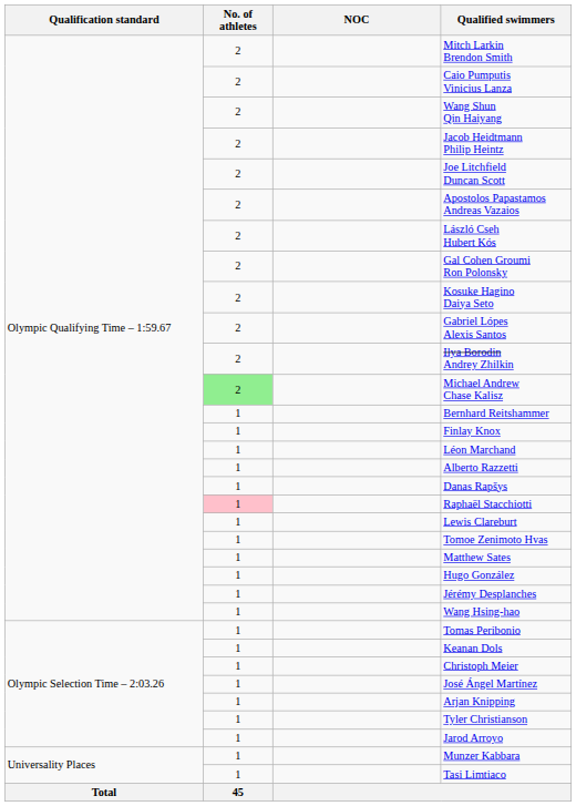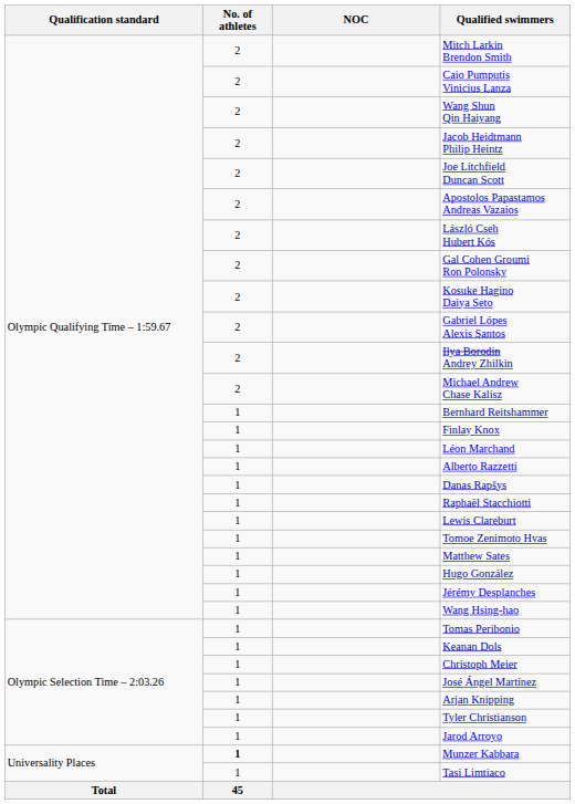 <table class=wikitable style="text-align:left" width=800>
 <tr>
 <th>Qualification standard</th>
 <th width=90>No. of athletes</th>
 <th width=230>NOC</th>
 <th>Qualified swimmers</th>
 </tr>
 <tr>
 <td rowspan=24>Olympic Qualifying Time – 1:59.67</td>
 <td align=center>2</td>
 <td></td>
 <td><a href='#'>Mitch Larkin</a><br><a href='#'>Brendon Smith</a></td>
 </tr>
 <tr>
 <td align=center>2</td>
 <td></td>
 <td><a href='#'>Caio Pumputis</a><br><a href='#'>Vinicius Lanza</a></td>
 </tr>
 <tr>
 <td align=center>2</td>
 <td></td>
 <td><a href='#'>Wang Shun</a><br><a href='#'>Qin Haiyang</a></td>
 </tr>
 <tr>
 <td align=center>2</td>
 <td></td>
 <td><a href='#'>Jacob Heidtmann</a><br><a href='#'>Philip Heintz</a></td>
 </tr>
 <tr>
 <td align=center>2</td>
 <td></td>
 <td><a href='#'>Joe Litchfield</a><br><a href='#'>Duncan Scott</a></td>
 </tr>
 <tr>
 <td align=center>2</td>
 <td></td>
 <td><a href='#'>Apostolos Papastamos</a><br><a href='#'>Andreas Vazaios</a></td>
 </tr>
 <tr>
 <td align=center>2</td>
 <td></td>
 <td><a href='#'>László Cseh</a><br><a href='#'>Hubert Kós</a></td>
 </tr>
 <tr>
 <td align=center>2</td>
 <td></td>
 <td><a href='#'>Gal Cohen Groumi</a><br><a href='#'>Ron Polonsky</a></td>
 </tr>
 <tr>
 <td align=center>2</td>
 <td></td>
 <td><a href='#'>Kosuke Hagino</a><br><a href='#'>Daiya Seto</a></td>
 </tr>
 <tr>
 <td align=center>2</td>
 <td></td>
 <td><a href='#'>Gabriel Lópes</a><br><a href='#'>Alexis Santos</a></td>
 </tr>
 <tr>
 <td align=center>2</td>
 <td></td>
 <td><s><a href='#'>Ilya Borodin</a></s><br><a href='#'>Andrey Zhilkin</a></td>
 </tr>
 <tr>
-<td align=center style="background: lightgreen;">2</td>
+<td align=center>2</td>
 <td></td>
 <td><a href='#'>Michael Andrew</a><br><a href='#'>Chase Kalisz</a></td>
 </tr>
 <tr>
 <td align=center>1</td>
 <td></td>
 <td><a href='#'>Bernhard Reitshammer</a></td>
 </tr>
 <tr>
 <td align=center>1</td>
 <td></td>
 <td><a href='#'>Finlay Knox</a></td>
 </tr>
 <tr>
 <td align=center>1</td>
 <td></td>
 <td><a href='#'>Léon Marchand</a></td>
 </tr>
 <tr>
 <td align=center>1</td>
 <td></td>
 <td><a href='#'>Alberto Razzetti</a></td>
 </tr>
 <tr>
 <td align=center>1</td>
 <td></td>
 <td><a href='#'>Danas Rapšys</a></td>
 </tr>
 <tr>
-<td align=center style="background: pink;">1</td>
+<td align=center>1</td>
 <td></td>
 <td><a href='#'>Raphaël Stacchiotti</a></td>
 </tr>
 <tr>
 <td align="center">1</td>
 <td></td>
 <td><a href='#'>Lewis Clareburt</a></td>
 </tr>
 <tr>
 <td align=center>1</td>
 <td></td>
 <td><a href='#'>Tomoe Zenimoto Hvas</a></td>
 </tr>
 <tr>
 <td align=center>1</td>
 <td></td>
 <td><a href='#'>Matthew Sates</a></td>
 </tr>
 <tr>
 <td align=center>1</td>
 <td></td>
 <td><a href='#'>Hugo González</a></td>
 </tr>
 <tr>
 <td align=center>1</td>
 <td></td>
 <td><a href='#'>Jérémy Desplanches</a></td>
 </tr>
 <tr>
 <td align=center>1</td>
 <td></td>
 <td><a href='#'>Wang Hsing-hao</a></td>
 </tr>
 <tr>
 <td rowspan=7>Olympic Selection Time – 2:03.26</td>
 <td align=center>1</td>
 <td></td>
 <td><a href='#'>Tomas Peribonio</a></td>
 </tr>
 <tr>
 <td align=center>1</td>
 <td></td>
 <td><a href='#'>Keanan Dols</a></td>
 </tr>
 <tr>
 <td align=center>1</td>
 <td></td>
 <td><a href='#'>Christoph Meier</a></td>
 </tr>
 <tr>
 <td align=center>1</td>
 <td></td>
 <td><a href='#'>José Ángel Martínez</a></td>
 </tr>
 <tr>
 <td align=center>1</td>
 <td></td>
 <td><a href='#'>Arjan Knipping</a></td>
 </tr>
 <tr>
 <td align=center>1</td>
 <td></td>
 <td><a href='#'>Tyler Christianson</a></td>
 </tr>
 <tr>
 <td align=center>1</td>
 <td></td>
 <td><a href='#'>Jarod Arroyo</a></td>
 </tr>
 <tr>
 <td rowspan=2>Universality Places</td>
-<td align=center>1</td>
+<td align=center><strong>1</strong></td>
 <td></td>
 <td><a href='#'>Munzer Kabbara</a></td>
 </tr>
 <tr>
 <td align=center>1</td>
 <td></td>
 <td><a href='#'>Tasi Limtiaco</a></td>
 </tr>
 <tr>
 <th><strong>Total</strong></th>
 <th>45</th>
 <th colspan=2></th>
 </tr>
 </table>
